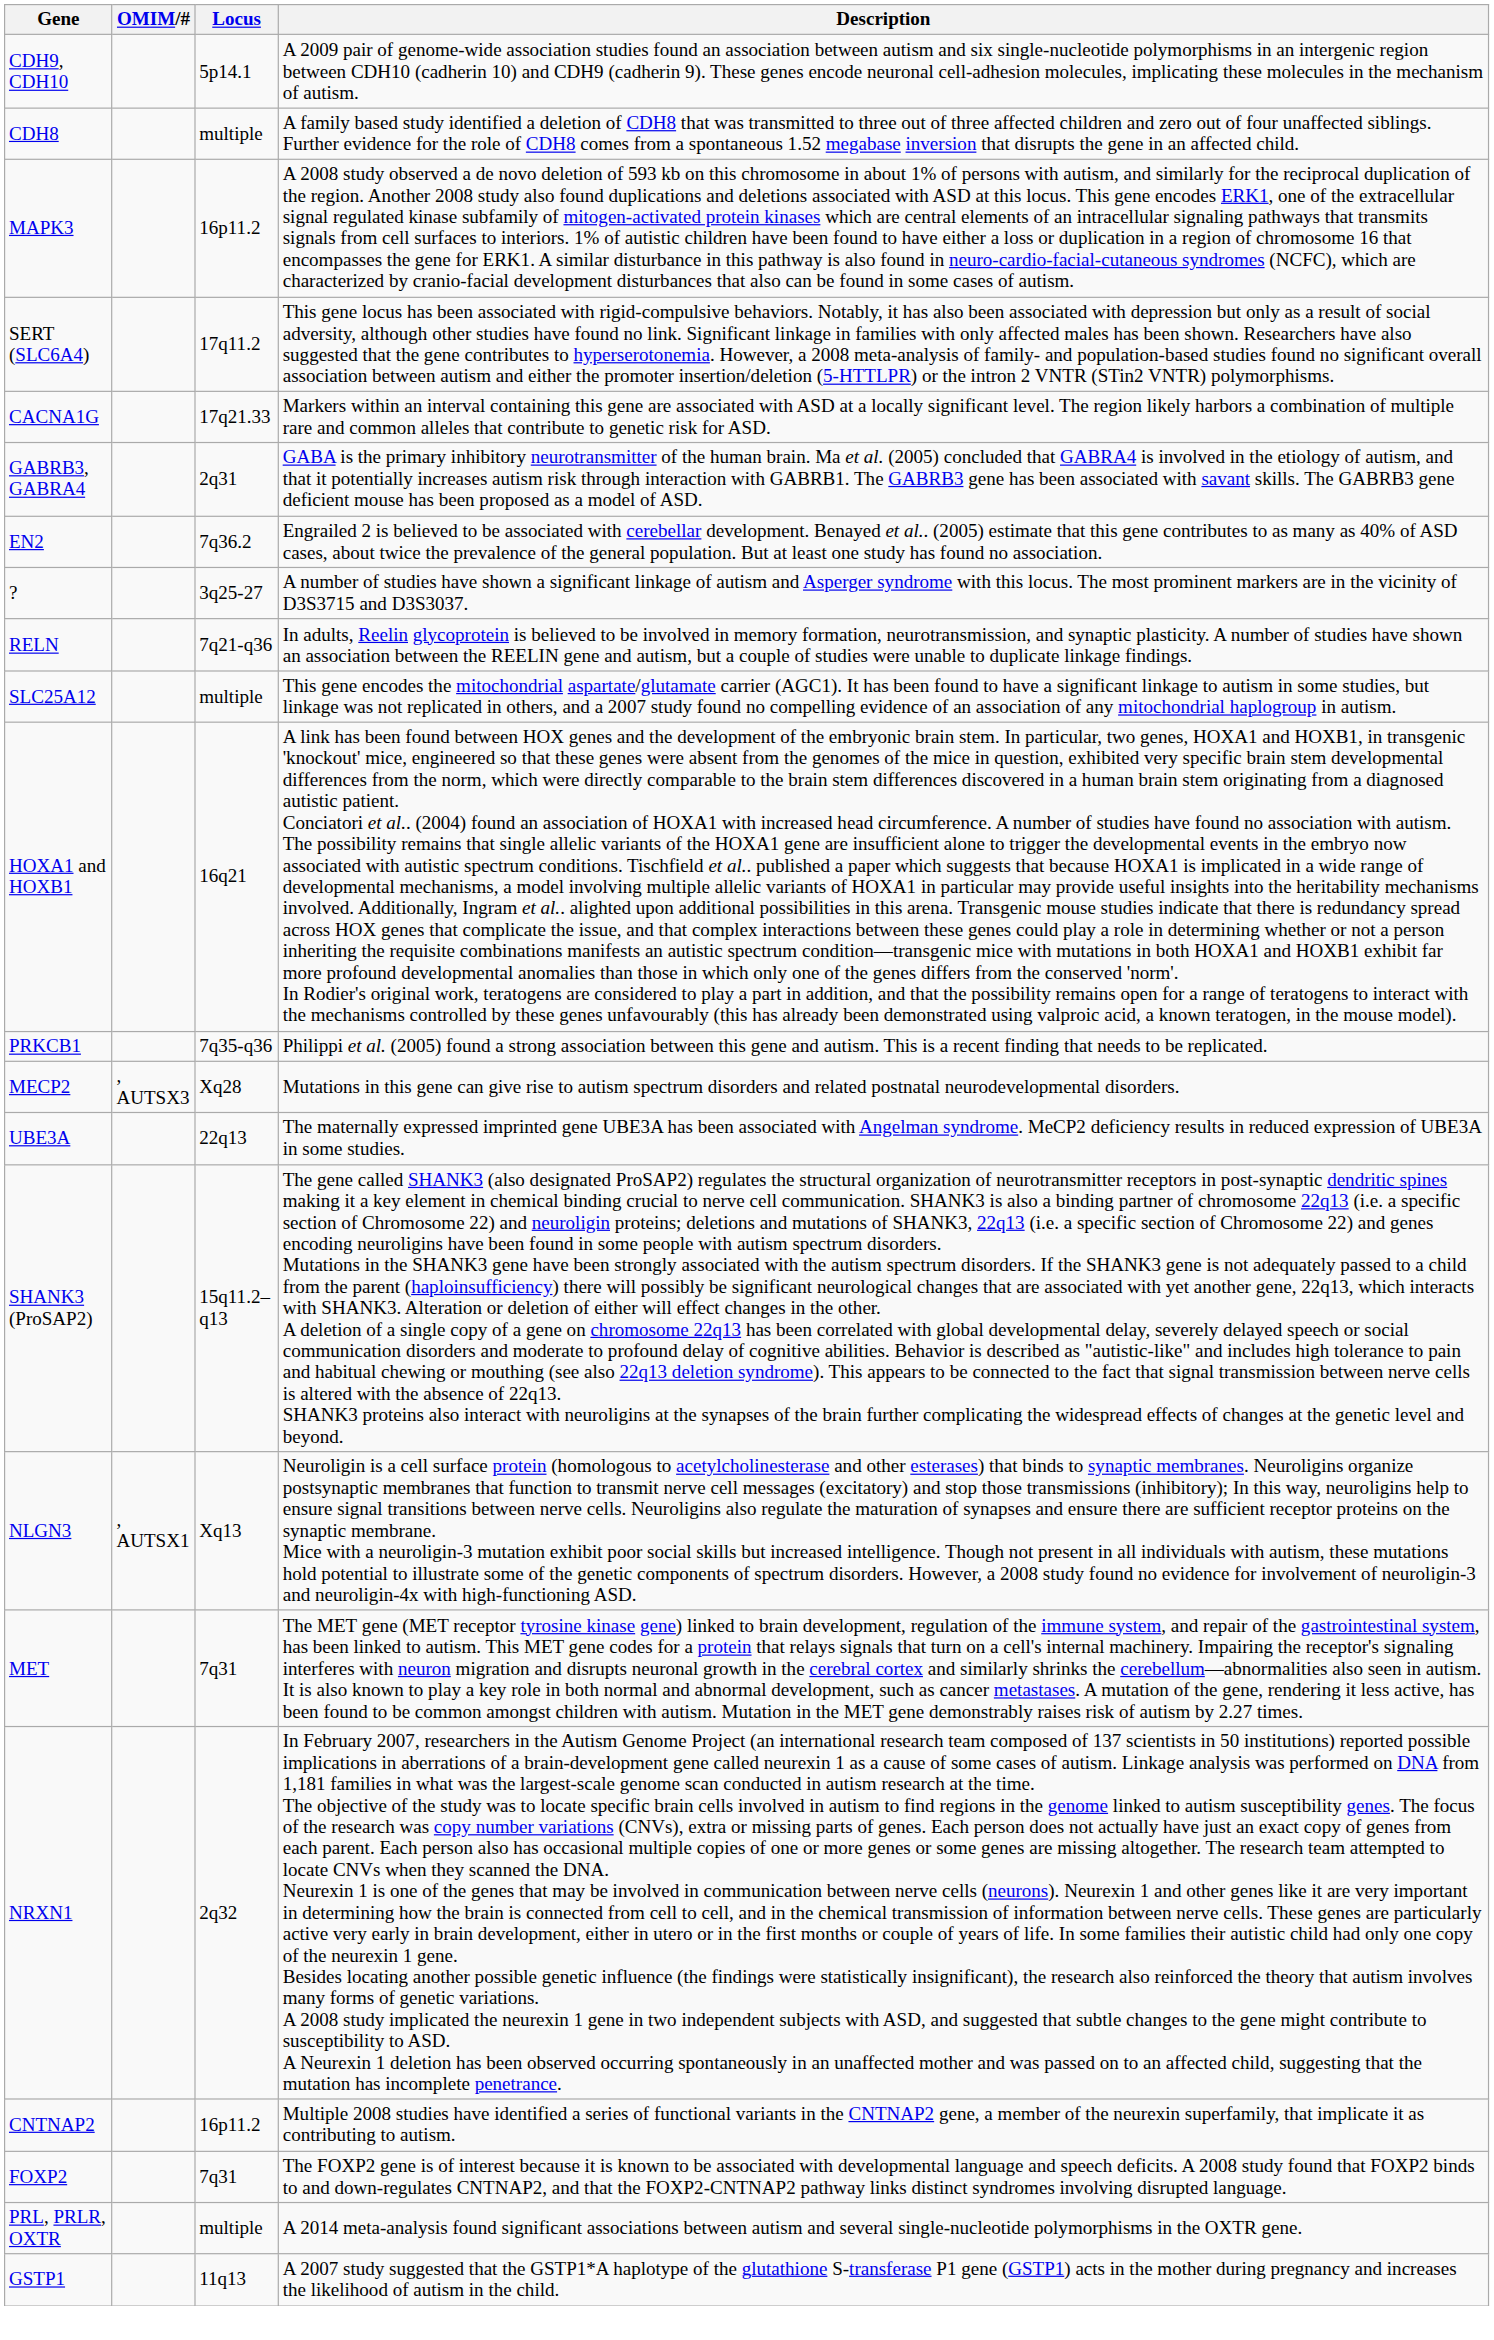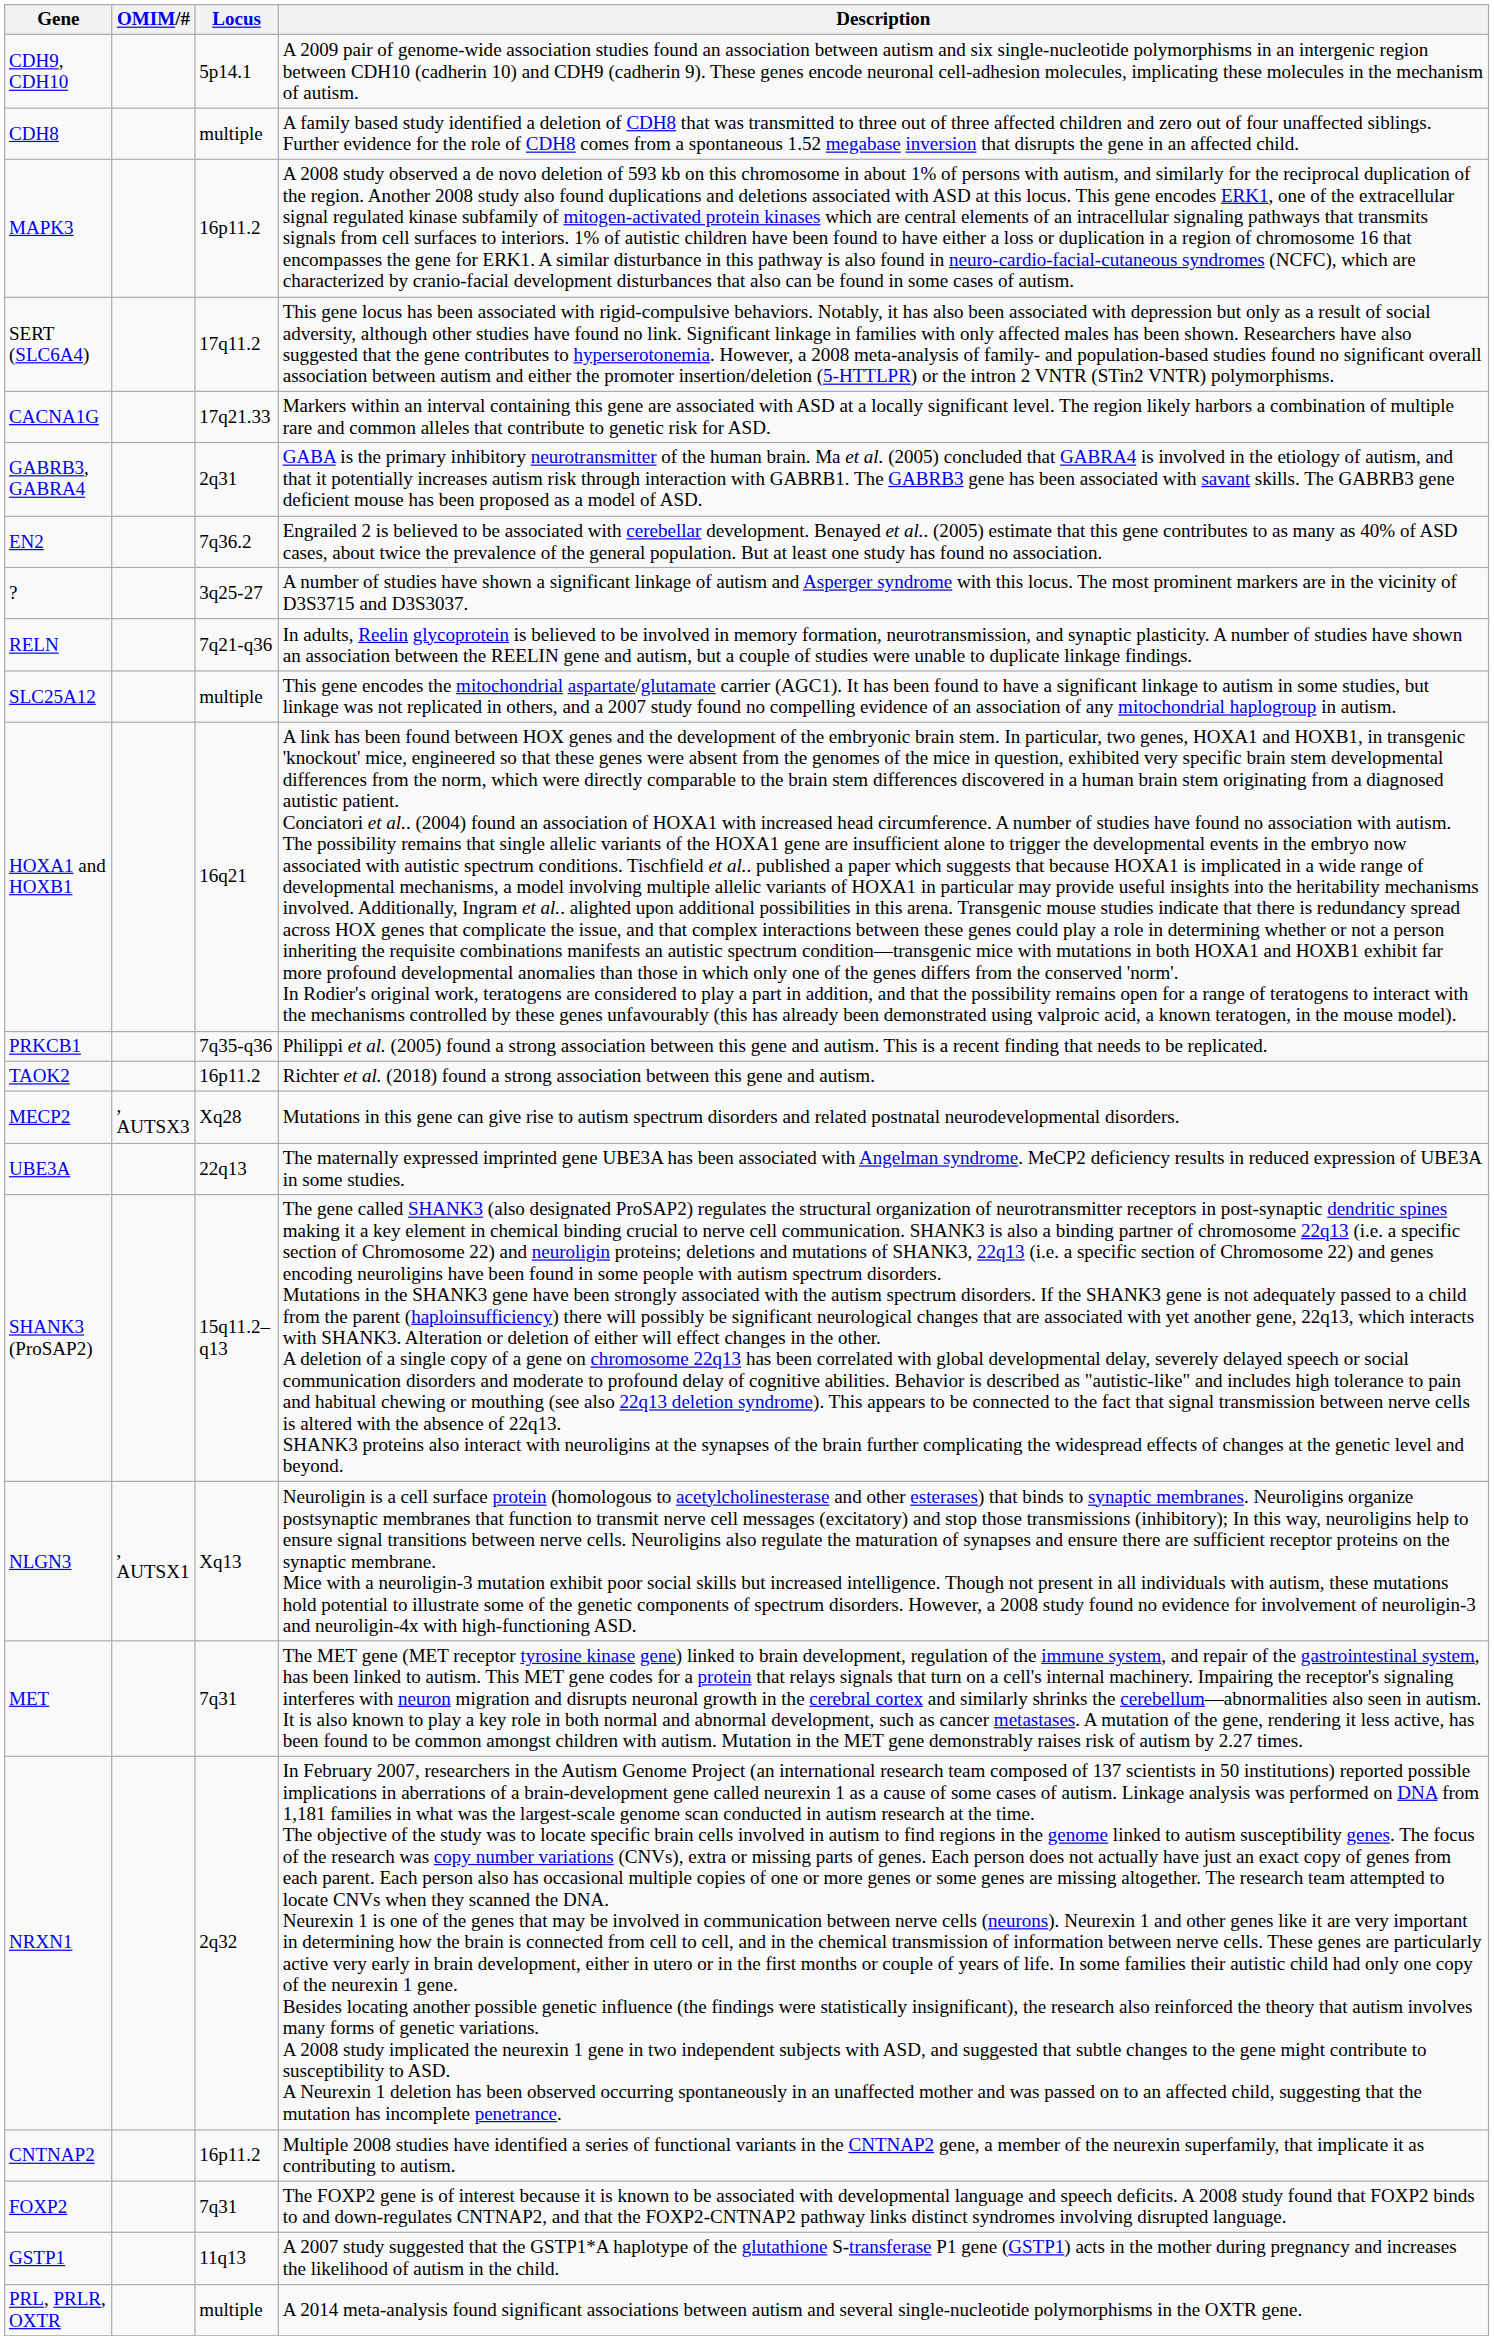 <table class="wikitable">
 <tr>
 <th>Gene</th>
 <th><a href='#'>OMIM</a>/#</th>
 <th><a href='#'>Locus</a></th>
 <th>Description</th>
 </tr>
 <tr>
 <td><a href='#'>CDH9</a>, <a href='#'>CDH10</a></td>
 <td></td>
 <td>5p14.1</td>
 <td>A 2009 pair of genome-wide association studies found an association between autism and six single-nucleotide polymorphisms in an intergenic region between CDH10 (cadherin 10) and CDH9 (cadherin 9). These genes encode neuronal cell-adhesion molecules, implicating these molecules in the mechanism of autism.</td>
 </tr>
 <tr>
 <td><a href='#'>CDH8</a></td>
 <td></td>
 <td>multiple</td>
 <td>A family based study identified a deletion of <a href='#'>CDH8</a> that was transmitted to three out of three affected children and zero out of four unaffected siblings. Further evidence for the role of <a href='#'>CDH8</a> comes from a spontaneous 1.52 <a href='#'>megabase</a> <a href='#'>inversion</a> that disrupts the gene in an affected child.</td>
 </tr>
 <tr>
 <td><a href='#'>MAPK3</a></td>
 <td></td>
 <td>16p11.2</td>
 <td>A 2008 study observed a de novo deletion of 593 kb on this chromosome in about 1% of persons with autism, and similarly for the reciprocal duplication of the region. Another 2008 study also found duplications and deletions associated with ASD at this locus. This gene encodes <a href='#'>ERK1</a>, one of the extracellular signal regulated kinase subfamily of <a href='#'>mitogen-activated protein kinases</a> which are central elements of an intracellular signaling pathways that transmits signals from cell surfaces to interiors. 1% of autistic children have been found to have either a loss or duplication in a region of chromosome 16 that encompasses the gene for ERK1. A similar disturbance in this pathway is also found in <a href='#'>neuro-cardio-facial-cutaneous syndromes</a> (NCFC), which are characterized by cranio-facial development disturbances that also can be found in some cases of autism.</td>
 </tr>
 <tr>
 <td>SERT (<a href='#'>SLC6A4</a>)</td>
 <td></td>
 <td>17q11.2</td>
 <td>This gene locus has been associated with rigid-compulsive behaviors. Notably, it has also been associated with depression but only as a result of social adversity, although other studies have found no link.  Significant linkage in families with only affected males has been shown.  Researchers have also suggested that the gene contributes to <a href='#'>hyperserotonemia</a>. However, a 2008 meta-analysis of family- and population-based studies found no significant overall association between autism and either the promoter insertion/deletion (<a href='#'>5-HTTLPR</a>) or the intron 2 VNTR (STin2 VNTR) polymorphisms.</td>
 </tr>
 <tr>
 <td><a href='#'>CACNA1G</a></td>
 <td></td>
 <td>17q21.33</td>
 <td>Markers within an interval containing this gene are associated with ASD at a locally significant level. The region likely harbors a combination of multiple rare and common alleles that contribute to genetic risk for ASD.</td>
 </tr>
 <tr>
 <td><a href='#'>GABRB3</a>, <a href='#'>GABRA4</a></td>
 <td></td>
 <td>2q31</td>
 <td><a href='#'>GABA</a> is the primary inhibitory <a href='#'>neurotransmitter</a> of the human brain. Ma <em>et al.</em> (2005) concluded that <a href='#'>GABRA4</a> is involved in the etiology of autism, and that it potentially increases autism risk through interaction with GABRB1. The <a href='#'>GABRB3</a> gene has been associated with <a href='#'>savant</a> skills. The GABRB3 gene deficient mouse has been proposed as a model of ASD.</td>
 </tr>
 <tr>
 <td><a href='#'>EN2</a></td>
 <td></td>
 <td>7q36.2</td>
 <td>Engrailed 2 is believed to be associated with <a href='#'>cerebellar</a> development.  Benayed <em>et al.</em>. (2005) estimate that this gene contributes to as many as 40% of ASD cases, about twice the prevalence of the general population.  But at least one study has found no association.</td>
 </tr>
 <tr>
 <td>?</td>
 <td></td>
 <td>3q25-27</td>
 <td>A number of studies have shown a significant linkage of autism and <a href='#'>Asperger syndrome</a> with this locus.  The most prominent markers are in the vicinity of D3S3715 and D3S3037.</td>
 </tr>
 <tr>
 <td><a href='#'>RELN</a></td>
 <td></td>
 <td>7q21-q36</td>
 <td>In adults, <a href='#'>Reelin</a> <a href='#'>glycoprotein</a> is believed to be involved in memory formation, neurotransmission, and synaptic plasticity. A number of studies have shown an association between the REELIN gene and autism, but a couple of studies were unable to duplicate linkage findings.</td>
 </tr>
 <tr>
 <td><a href='#'>SLC25A12</a></td>
 <td></td>
 <td>multiple</td>
 <td>This gene encodes the <a href='#'>mitochondrial</a> <a href='#'>aspartate</a>/<a href='#'>glutamate</a> carrier (AGC1). It has been found to have a significant linkage to autism in some studies, but linkage was not replicated in others, and a 2007 study found no compelling evidence of an association of any <a href='#'>mitochondrial haplogroup</a> in autism.</td>
 </tr>
 <tr>
 <td><a href='#'>HOXA1</a> and <a href='#'>HOXB1</a></td>
 <td></td>
 <td>16q21</td>
 <td>A link has been found between HOX genes and the development of the embryonic brain stem. In particular, two genes, HOXA1 and HOXB1, in transgenic 'knockout' mice, engineered so that these genes were absent from the genomes of the mice in question, exhibited very specific brain stem developmental differences from the norm, which were directly comparable to the brain stem differences discovered in a human brain stem originating from a diagnosed autistic patient.<br>Conciatori <em>et al.</em>. (2004) found an association of HOXA1 with increased head circumference.  A number of studies have found no association with autism.  The possibility remains that single allelic variants of the HOXA1 gene are insufficient alone to trigger the developmental events in the embryo now associated with autistic spectrum conditions.  Tischfield <em>et al.</em>. published a paper which suggests that because HOXA1 is implicated in a wide range of developmental mechanisms, a model involving multiple allelic variants of HOXA1 in particular may provide useful insights into the heritability mechanisms involved.  Additionally, Ingram <em>et al.</em>. alighted upon additional possibilities in this arena.  Transgenic mouse studies indicate that there is redundancy spread across HOX genes that complicate the issue, and that complex interactions between these genes could play a role in determining whether or not a person inheriting the requisite combinations manifests an autistic spectrum condition—transgenic mice with mutations in both HOXA1 and HOXB1 exhibit far more profound developmental anomalies than those in which only one of the genes differs from the conserved 'norm'.<br>In Rodier's original work, teratogens are considered to play a part in addition, and that the possibility remains open for a range of teratogens to interact with the mechanisms controlled by these genes unfavourably (this has already been demonstrated using valproic acid, a known teratogen, in the mouse model).</td>
 </tr>
 <tr>
 <td><a href='#'>PRKCB1</a></td>
 <td></td>
 <td>7q35-q36</td>
 <td>Philippi <em>et al.</em> (2005) found a strong association between this gene and autism. This is a recent finding that needs to be replicated.</td>
 </tr>
 <tr>
+<td><a href='#'>TAOK2</a></td>
+<td></td>
+<td>16p11.2</td>
+<td>Richter <em>et al.</em> (2018) found a strong association between this gene and autism.</td>
+</tr>
+<tr>
 <td><a href='#'>MECP2</a></td>
 <td>, AUTSX3</td>
 <td>Xq28</td>
 <td>Mutations in this gene can give rise to autism spectrum disorders and related postnatal neurodevelopmental disorders.</td>
 </tr>
 <tr>
 <td><a href='#'>UBE3A</a></td>
 <td></td>
 <td>22q13</td>
 <td>The maternally expressed imprinted gene UBE3A has been associated with <a href='#'>Angelman syndrome</a>. MeCP2 deficiency results in reduced expression of UBE3A in some studies.</td>
 </tr>
 <tr>
 <td><a href='#'>SHANK3</a> (ProSAP2)</td>
 <td></td>
 <td>15q11.2–q13</td>
 <td>The gene called <a href='#'>SHANK3</a> (also designated ProSAP2) regulates the structural organization of neurotransmitter receptors in post-synaptic <a href='#'>dendritic spines</a> making it a key element in chemical binding crucial to nerve cell communication. SHANK3 is also a binding partner of chromosome <a href='#'>22q13</a> (i.e. a specific section of Chromosome 22) and <a href='#'>neuroligin</a> proteins; deletions and mutations of SHANK3, <a href='#'>22q13</a> (i.e. a specific section of Chromosome 22) and genes encoding neuroligins have been found in some people with autism spectrum disorders.<br>Mutations in the SHANK3 gene have been strongly associated with the autism spectrum disorders. If the SHANK3 gene is not adequately passed to a child from the parent (<a href='#'>haploinsufficiency</a>) there will possibly be significant neurological changes that are associated with yet another gene, 22q13, which interacts with SHANK3. Alteration or deletion of either will effect changes in the other.<br>A deletion of a single copy of a gene on <a href='#'>chromosome 22q13</a> has been correlated with global developmental delay, severely delayed speech or social communication disorders and moderate to profound delay of cognitive abilities. Behavior is described as "autistic-like" and includes high tolerance to pain and habitual chewing or mouthing (see also <a href='#'>22q13 deletion syndrome</a>). This appears to be connected to the fact that signal transmission between nerve cells is altered with the absence of 22q13.<br>SHANK3 proteins also interact with neuroligins at the synapses of the brain further complicating the widespread effects of changes at the genetic level and beyond.</td>
 </tr>
 <tr>
 <td><a href='#'>NLGN3</a></td>
 <td>, AUTSX1</td>
 <td>Xq13</td>
 <td>Neuroligin is a cell surface <a href='#'>protein</a> (homologous to <a href='#'>acetylcholinesterase</a> and other <a href='#'>esterases</a>) that binds to <a href='#'>synaptic membranes</a>. Neuroligins organize postsynaptic membranes that function to transmit nerve cell messages (excitatory) and stop those transmissions (inhibitory); In this way, neuroligins help to ensure signal transitions between nerve cells. Neuroligins also regulate the maturation of synapses and ensure there are sufficient receptor proteins on the synaptic membrane.<br>Mice with a neuroligin-3 mutation exhibit poor social skills but increased intelligence. Though not present in all individuals with autism, these mutations hold potential to illustrate some of the genetic components of spectrum disorders. However, a 2008 study found no evidence for involvement of neuroligin-3 and neuroligin-4x with high-functioning ASD.</td>
 </tr>
 <tr>
 <td><a href='#'>MET</a></td>
 <td></td>
 <td>7q31</td>
 <td>The MET gene (MET receptor <a href='#'>tyrosine kinase</a> <a href='#'>gene</a>) linked to brain development, regulation of the <a href='#'>immune system</a>, and repair of the <a href='#'>gastrointestinal system</a>, has been linked to autism. This MET gene codes for a <a href='#'>protein</a> that relays signals that turn on a cell's internal machinery. Impairing the receptor's signaling interferes with <a href='#'>neuron</a> migration and disrupts neuronal growth in the <a href='#'>cerebral cortex</a> and similarly shrinks the <a href='#'>cerebellum</a>—abnormalities also seen in autism.<br>It is also known to play a key role in both normal and abnormal development, such as cancer <a href='#'>metastases</a>. A mutation of the gene, rendering it less active, has been found to be common amongst children with autism.  Mutation in the MET gene demonstrably raises risk of autism by 2.27 times.</td>
 </tr>
 <tr>
 <td><a href='#'>NRXN1</a></td>
 <td></td>
 <td>2q32</td>
 <td>In February 2007, researchers in the Autism Genome Project (an international research team composed of 137 scientists in 50 institutions) reported possible implications in aberrations of a brain-development gene called neurexin 1 as a cause of some cases of autism. Linkage analysis was performed on <a href='#'>DNA</a> from 1,181 families in what was the largest-scale genome scan conducted in autism research at the time.<br>The objective of the study was to locate specific brain cells involved in autism to find regions in the <a href='#'>genome</a> linked to autism susceptibility <a href='#'>genes</a>. The focus of the research was <a href='#'>copy number variations</a> (CNVs), extra or missing parts of genes. Each person does not actually have just an exact copy of genes from each parent. Each person also has occasional multiple copies of one or more genes or some genes are missing altogether. The research team attempted to locate CNVs when they scanned the DNA.<br>Neurexin 1 is one of the genes that may be involved in communication between nerve cells (<a href='#'>neurons</a>).  Neurexin 1 and other genes like it are very important in determining how the brain is connected from cell to cell, and in the chemical transmission of information between nerve cells.  These genes are particularly active very early in brain development, either in utero or in the first months or couple of years of life. In some families their autistic child had only one copy of the neurexin 1 gene.<br>Besides locating another possible genetic influence (the findings were statistically insignificant), the research also reinforced the theory that autism involves many forms of genetic variations.<br>A 2008 study implicated the neurexin 1 gene in two independent subjects with ASD, and suggested that subtle changes to the gene might contribute to susceptibility to ASD.<br>A Neurexin 1 deletion has been observed occurring spontaneously in an unaffected mother and was passed on to an affected child, suggesting that the mutation has incomplete <a href='#'>penetrance</a>.</td>
 </tr>
 <tr>
 <td><a href='#'>CNTNAP2</a></td>
 <td></td>
 <td>16p11.2</td>
 <td>Multiple 2008 studies have identified a series of functional variants in the <a href='#'>CNTNAP2</a> gene, a member of the neurexin superfamily, that implicate it as contributing to autism.</td>
 </tr>
 <tr>
 <td><a href='#'>FOXP2</a></td>
 <td></td>
 <td>7q31</td>
 <td>The FOXP2 gene is of interest because it is known to be associated with developmental language and speech deficits. A 2008 study found that FOXP2 binds to and down-regulates CNTNAP2, and that the FOXP2-CNTNAP2 pathway links distinct syndromes involving disrupted language.</td>
 </tr>
 <tr>
+<td><a href='#'>GSTP1</a></td>
+<td></td>
+<td>11q13</td>
+<td>A 2007 study suggested that the GSTP1*A haplotype of the <a href='#'>glutathione</a> S-<a href='#'>transferase</a> P1 gene (<a href='#'>GSTP1</a>) acts in the mother during pregnancy and increases the likelihood of autism in the child.</td>
+</tr>
+<tr>
 <td><a href='#'>PRL</a>, <a href='#'>PRLR</a>, <a href='#'>OXTR</a></td>
 <td></td>
 <td>multiple</td>
 <td>A 2014 meta-analysis found significant associations between autism and several single-nucleotide polymorphisms in the OXTR gene.</td>
 </tr>
-<tr>
-<td><a href='#'>GSTP1</a></td>
-<td></td>
-<td>11q13</td>
-<td>A 2007 study suggested that the GSTP1*A haplotype of the <a href='#'>glutathione</a> S-<a href='#'>transferase</a> P1 gene (<a href='#'>GSTP1</a>) acts in the mother during pregnancy and increases the likelihood of autism in the child.</td>
-</tr>
 </table>
